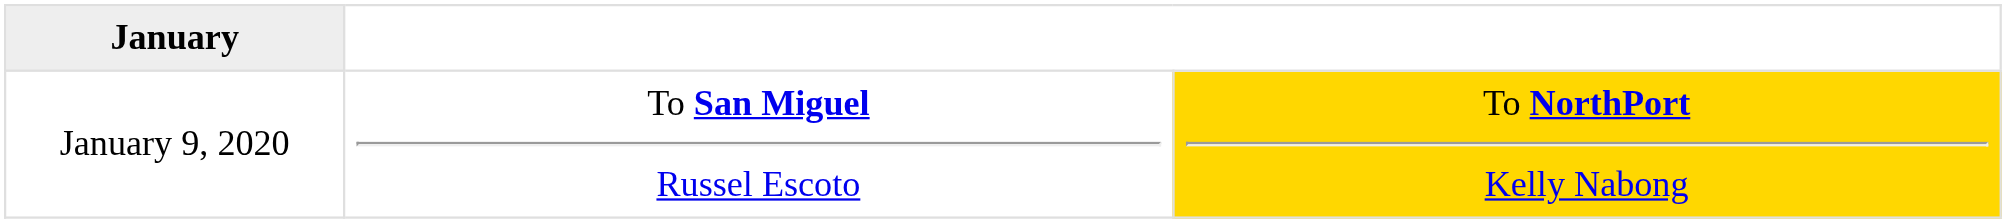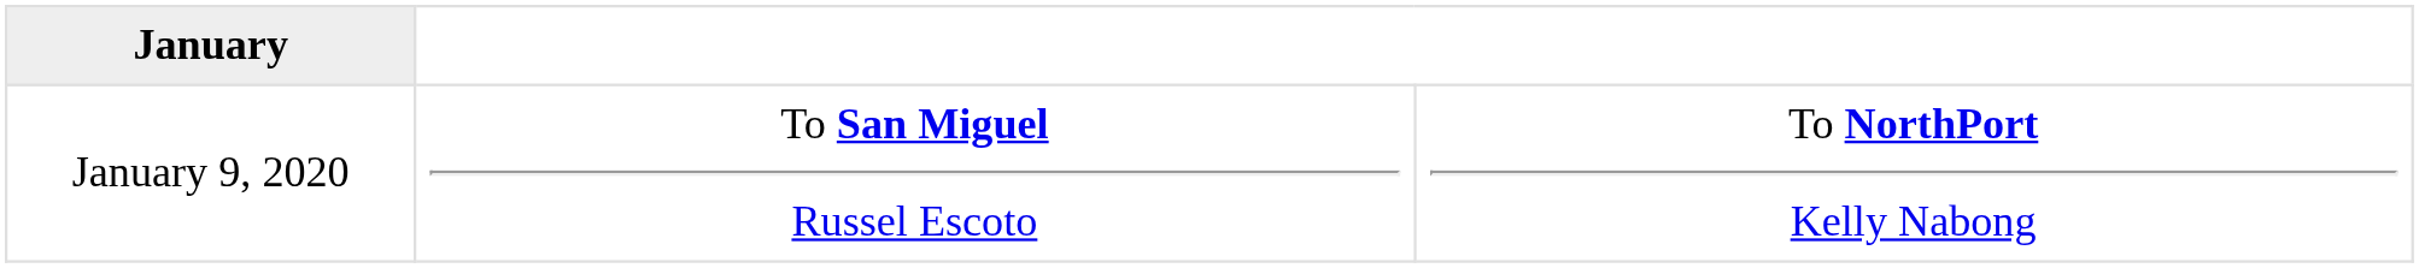 <table border=1 style="border-collapse:collapse; text-align: center; width: 100%" bordercolor="#DFDFDF"  cellpadding="5">
 <tr bgcolor="eeeeee">
 <th>January</th>
 </tr>
 <tr>
 <td style="width:12%">January 9, 2020</td>
 <td style="width:29.3%" valign="top">To <strong><a href='#'>San Miguel</a></strong><hr><a href='#'>Russel Escoto</a></td>
-<td style="background: gold; width:29.3%" valign="top">To <strong><a href='#'>NorthPort</a></strong><hr><a href='#'>Kelly Nabong</a></td>
+<td style="width:29.3%" valign="top">To <strong><a href='#'>NorthPort</a></strong><hr><a href='#'>Kelly Nabong</a></td>
 </tr>
 </table>
